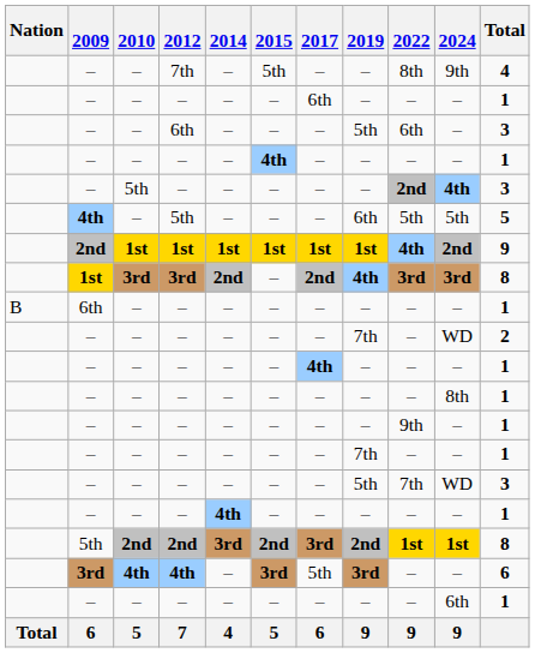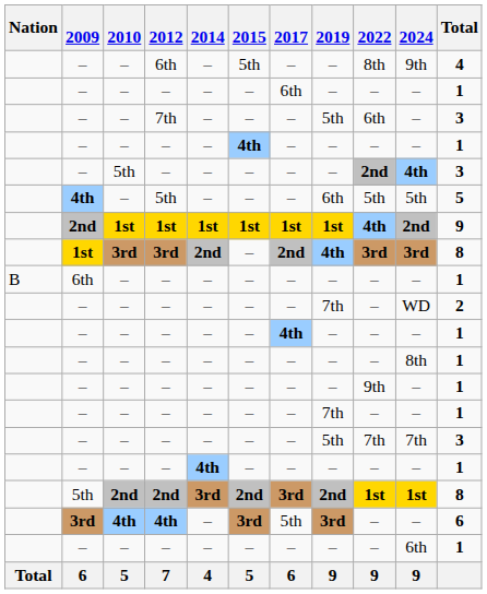 <table class="wikitable" style="text-align:center">
 <tr>
 <th>Nation</th>
 <th><br><a href='#'>2009</a></th>
 <th><br><a href='#'>2010</a></th>
 <th><br><a href='#'>2012</a></th>
 <th><br><a href='#'>2014</a></th>
 <th><br><a href='#'>2015</a></th>
 <th><br><a href='#'>2017</a></th>
 <th><br><a href='#'>2019</a></th>
 <th><br><a href='#'>2022</a></th>
 <th><br><a href='#'>2024</a></th>
 <th>Total</th>
 </tr>
 <tr>
 <td align=left></td>
 <td>–</td>
 <td>–</td>
-<td>7th</td>
+<td>6th</td>
 <td>–</td>
 <td>5th</td>
 <td>–</td>
 <td>–</td>
 <td>8th</td>
 <td>9th</td>
 <td><strong>4</strong></td>
 </tr>
 <tr>
 <td align=left></td>
 <td>–</td>
 <td>–</td>
 <td>–</td>
 <td>–</td>
 <td>–</td>
 <td>6th</td>
 <td>–</td>
 <td>–</td>
 <td>–</td>
 <td><strong>1</strong></td>
 </tr>
 <tr>
 <td align=left></td>
 <td>–</td>
 <td>–</td>
-<td>6th</td>
+<td>7th</td>
 <td>–</td>
 <td>–</td>
 <td>–</td>
 <td>5th</td>
 <td>6th</td>
 <td>–</td>
 <td><strong>3</strong></td>
 </tr>
 <tr>
 <td align=left></td>
 <td>–</td>
 <td>–</td>
 <td>–</td>
 <td>–</td>
 <td bgcolor=9acdff><strong>4th</strong></td>
 <td>–</td>
 <td>–</td>
 <td>–</td>
 <td>–</td>
 <td><strong>1</strong></td>
 </tr>
 <tr>
 <td align=left></td>
 <td>–</td>
 <td>5th</td>
 <td>–</td>
 <td>–</td>
 <td>–</td>
 <td>–</td>
 <td>–</td>
 <td bgcolor=silver><strong>2nd</strong></td>
 <td bgcolor=9acdff><strong>4th</strong></td>
 <td><strong>3</strong></td>
 </tr>
 <tr>
 <td align=left></td>
 <td bgcolor=9acdff><strong>4th</strong></td>
 <td>–</td>
 <td>5th</td>
 <td>–</td>
 <td>–</td>
 <td>–</td>
 <td>6th</td>
 <td>5th</td>
 <td>5th</td>
 <td><strong>5</strong></td>
 </tr>
 <tr>
 <td align=left></td>
 <td bgcolor=silver><strong>2nd</strong></td>
 <td bgcolor=gold><strong>1st</strong></td>
 <td bgcolor=gold><strong>1st</strong></td>
 <td bgcolor=gold><strong>1st</strong></td>
 <td bgcolor=gold><strong>1st</strong></td>
 <td bgcolor=gold><strong>1st</strong></td>
 <td bgcolor=gold><strong>1st</strong></td>
 <td bgcolor=9acdff><strong>4th</strong></td>
 <td bgcolor=silver><strong>2nd</strong></td>
 <td><strong>9</strong></td>
 </tr>
 <tr>
 <td align=left></td>
 <td bgcolor=gold><strong>1st</strong></td>
 <td bgcolor=cc9966><strong>3rd</strong></td>
 <td bgcolor=cc9966><strong>3rd</strong></td>
 <td bgcolor=silver><strong>2nd</strong></td>
 <td>–</td>
 <td bgcolor=silver><strong>2nd</strong></td>
 <td bgcolor=9acdff><strong>4th</strong></td>
 <td bgcolor=cc9966><strong>3rd</strong></td>
 <td bgcolor=cc9966><strong>3rd</strong></td>
 <td><strong>8</strong></td>
 </tr>
 <tr>
 <td align=left> B</td>
 <td>6th</td>
 <td>–</td>
 <td>–</td>
 <td>–</td>
 <td>–</td>
 <td>–</td>
 <td>–</td>
 <td>–</td>
 <td>–</td>
 <td><strong>1</strong></td>
 </tr>
 <tr>
 <td align=left></td>
 <td>–</td>
 <td>–</td>
 <td>–</td>
 <td>–</td>
 <td>–</td>
 <td>–</td>
 <td>7th</td>
 <td>–</td>
 <td>WD</td>
 <td><strong>2</strong></td>
 </tr>
 <tr>
 <td align=left></td>
 <td>–</td>
 <td>–</td>
 <td>–</td>
 <td>–</td>
 <td>–</td>
 <td bgcolor=9acdff><strong>4th</strong></td>
 <td>–</td>
 <td>–</td>
 <td>–</td>
 <td><strong>1</strong></td>
 </tr>
 <tr>
 <td align=left></td>
 <td>–</td>
 <td>–</td>
 <td>–</td>
 <td>–</td>
 <td>–</td>
 <td>–</td>
 <td>–</td>
 <td>–</td>
 <td>8th</td>
 <td><strong>1</strong></td>
 </tr>
 <tr>
 <td align=left></td>
 <td>–</td>
 <td>–</td>
 <td>–</td>
 <td>–</td>
 <td>–</td>
 <td>–</td>
 <td>–</td>
 <td>9th</td>
 <td>–</td>
 <td><strong>1</strong></td>
 </tr>
 <tr>
 <td align=left></td>
 <td>–</td>
 <td>–</td>
 <td>–</td>
 <td>–</td>
 <td>–</td>
 <td>–</td>
 <td>7th</td>
 <td>–</td>
 <td>–</td>
 <td><strong>1</strong></td>
 </tr>
 <tr>
 <td align=left></td>
 <td>–</td>
 <td>–</td>
 <td>–</td>
 <td>–</td>
 <td>–</td>
 <td>–</td>
 <td>5th</td>
 <td>7th</td>
-<td>WD</td>
+<td>7th</td>
 <td><strong>3</strong></td>
 </tr>
 <tr>
 <td align=left></td>
 <td>–</td>
 <td>–</td>
 <td>–</td>
 <td bgcolor=9acdff><strong>4th</strong></td>
 <td>–</td>
 <td>–</td>
 <td>–</td>
 <td>–</td>
 <td>–</td>
 <td><strong>1</strong></td>
 </tr>
 <tr>
 <td align=left></td>
 <td>5th</td>
 <td bgcolor=silver><strong>2nd</strong></td>
 <td bgcolor=silver><strong>2nd</strong></td>
 <td bgcolor=cc9966><strong>3rd</strong></td>
 <td bgcolor=silver><strong>2nd</strong></td>
 <td bgcolor=cc9966><strong>3rd</strong></td>
 <td bgcolor=silver><strong>2nd</strong></td>
 <td bgcolor=gold><strong>1st</strong></td>
 <td bgcolor=gold><strong>1st</strong></td>
 <td><strong>8</strong></td>
 </tr>
 <tr>
 <td align=left></td>
 <td bgcolor=cc9966><strong>3rd</strong></td>
 <td bgcolor=9acdff><strong>4th</strong></td>
 <td bgcolor=9acdff><strong>4th</strong></td>
 <td>–</td>
 <td bgcolor=cc9966><strong>3rd</strong></td>
 <td>5th</td>
 <td bgcolor=cc9966><strong>3rd</strong></td>
 <td>–</td>
 <td>–</td>
 <td><strong>6</strong></td>
 </tr>
 <tr>
 <td align=left></td>
 <td>–</td>
 <td>–</td>
 <td>–</td>
 <td>–</td>
 <td>–</td>
 <td>–</td>
 <td>–</td>
 <td>–</td>
 <td>6th</td>
 <td><strong>1</strong></td>
 </tr>
 <tr>
 <th>Total</th>
 <th>6</th>
 <th>5</th>
 <th>7</th>
 <th>4</th>
 <th>5</th>
 <th>6</th>
 <th>9</th>
 <th>9</th>
 <th>9</th>
 <th></th>
 </tr>
 </table>
